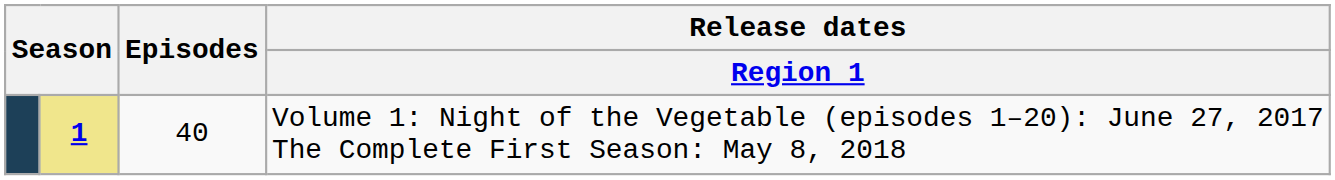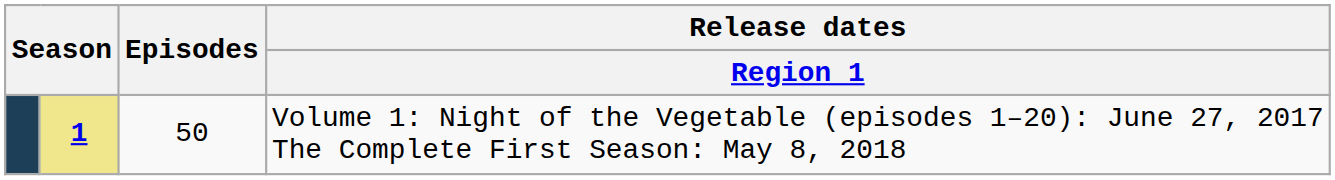 <table class="wikitable">
 <tr>
 <th colspan=2 rowspan=2>Season</th>
 <th rowspan=2>Episodes</th>
 <th>Release dates</th>
 </tr>
 <tr>
 <th><a href='#'>Region 1</a></th>
 </tr>
 <tr>
 <td style="background:#1D4058"></td>
 <td style="background: khaki; text-align: center"><strong><a href='#'>1</a></strong></td>
-<td style="text-align: center">40</td>
+<td style="text-align: center">50</td>
 <td>Volume 1: Night of the Vegetable (episodes 1–20): June 27, 2017<br>The Complete First Season: May 8, 2018</td>
 </tr>
 </table>
